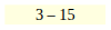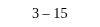 <table style="text-align:center">
 <tr>
 <th width=200></th>
 <th width=100></th>
 <th width=200></th>
 </tr>
 <tr>
 <td align=right></td>
-<td style="background: lightyellow;">3 – 15</td>
+<td>3 – 15</td>
 <td align=left><strong></strong></td>
 </tr>
 </table>
